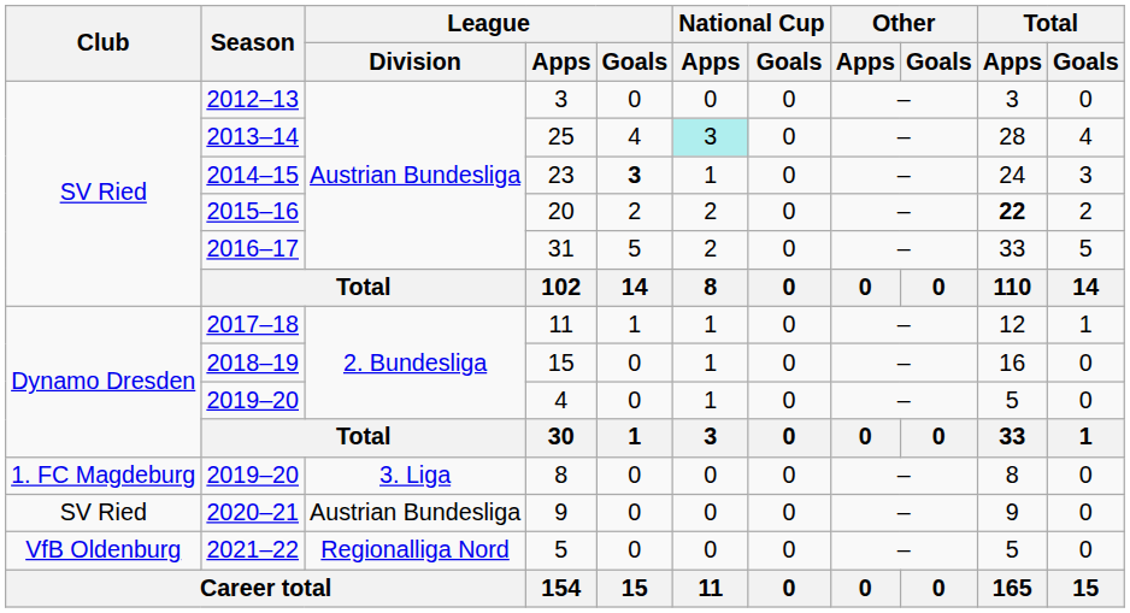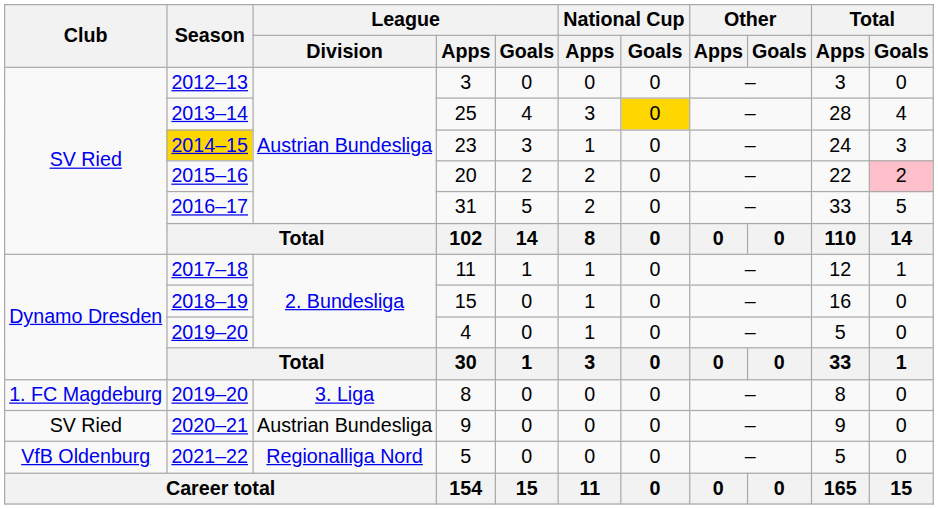 <table class="wikitable" style="text-align:center">
 <tr>
 <th rowspan="2">Club</th>
 <th rowspan="2">Season</th>
 <th colspan="3">League</th>
 <th colspan="2">National Cup</th>
 <th colspan="2">Other</th>
 <th colspan="2">Total</th>
 </tr>
 <tr>
 <th>Division</th>
 <th>Apps</th>
 <th>Goals</th>
 <th>Apps</th>
 <th>Goals</th>
 <th>Apps</th>
 <th>Goals</th>
 <th>Apps</th>
 <th>Goals</th>
 </tr>
 <tr>
 <td rowspan="6"><a href='#'>SV Ried</a></td>
 <td><a href='#'>2012–13</a></td>
 <td rowspan="5"><a href='#'>Austrian Bundesliga</a></td>
 <td>3</td>
 <td>0</td>
 <td>0</td>
 <td>0</td>
 <td colspan="2">–</td>
 <td>3</td>
 <td>0</td>
 </tr>
 <tr>
 <td><a href='#'>2013–14</a></td>
 <td>25</td>
 <td>4</td>
-<td style="background: paleturquoise;">3</td>
-<td>0</td>
+<td>3</td>
+<td style="background: gold;">0</td>
 <td colspan="2">–</td>
 <td>28</td>
 <td>4</td>
 </tr>
 <tr>
-<td><a href='#'>2014–15</a></td>
+<td style="background: gold;"><a href='#'>2014–15</a></td>
 <td>23</td>
-<td><strong>3</strong></td>
+<td>3</td>
 <td>1</td>
 <td>0</td>
 <td colspan="2">–</td>
 <td>24</td>
 <td>3</td>
 </tr>
 <tr>
 <td><a href='#'>2015–16</a></td>
 <td>20</td>
 <td>2</td>
 <td>2</td>
 <td>0</td>
 <td colspan="2">–</td>
-<td><strong>22</strong></td>
-<td>2</td>
+<td>22</td>
+<td style="background: pink;">2</td>
 </tr>
 <tr>
 <td><a href='#'>2016–17</a></td>
 <td>31</td>
 <td>5</td>
 <td>2</td>
 <td>0</td>
 <td colspan="2">–</td>
 <td>33</td>
 <td>5</td>
 </tr>
 <tr>
 <th colspan="2">Total</th>
 <th>102</th>
 <th>14</th>
 <th>8</th>
 <th>0</th>
 <th>0</th>
 <th>0</th>
 <th>110</th>
 <th>14</th>
 </tr>
 <tr>
 <td rowspan="4"><a href='#'>Dynamo Dresden</a></td>
 <td><a href='#'>2017–18</a></td>
 <td rowspan="3"><a href='#'>2. Bundesliga</a></td>
 <td>11</td>
 <td>1</td>
 <td>1</td>
 <td>0</td>
 <td colspan="2">–</td>
 <td>12</td>
 <td>1</td>
 </tr>
 <tr>
 <td><a href='#'>2018–19</a></td>
 <td>15</td>
 <td>0</td>
 <td>1</td>
 <td>0</td>
 <td colspan="2">–</td>
 <td>16</td>
 <td>0</td>
 </tr>
 <tr>
 <td><a href='#'>2019–20</a></td>
 <td>4</td>
 <td>0</td>
 <td>1</td>
 <td>0</td>
 <td colspan="2">–</td>
 <td>5</td>
 <td>0</td>
 </tr>
 <tr>
 <th colspan="2">Total</th>
 <th>30</th>
 <th>1</th>
 <th>3</th>
 <th>0</th>
 <th>0</th>
 <th>0</th>
 <th>33</th>
 <th>1</th>
 </tr>
 <tr>
 <td><a href='#'>1. FC Magdeburg</a></td>
 <td><a href='#'>2019–20</a></td>
 <td><a href='#'>3. Liga</a></td>
 <td>8</td>
 <td>0</td>
 <td>0</td>
 <td>0</td>
 <td colspan="2">–</td>
 <td>8</td>
 <td>0</td>
 </tr>
 <tr>
 <td>SV Ried</td>
 <td><a href='#'>2020–21</a></td>
 <td>Austrian Bundesliga</td>
 <td>9</td>
 <td>0</td>
 <td>0</td>
 <td>0</td>
 <td colspan="2">–</td>
 <td>9</td>
 <td>0</td>
 </tr>
 <tr>
 <td><a href='#'>VfB Oldenburg</a></td>
 <td><a href='#'>2021–22</a></td>
 <td><a href='#'>Regionalliga Nord</a></td>
 <td>5</td>
 <td>0</td>
 <td>0</td>
 <td>0</td>
 <td colspan="2">–</td>
 <td>5</td>
 <td>0</td>
 </tr>
 <tr>
 <th colspan="3">Career total</th>
 <th>154</th>
 <th>15</th>
 <th>11</th>
 <th>0</th>
 <th>0</th>
 <th>0</th>
 <th>165</th>
 <th>15</th>
 </tr>
 </table>
